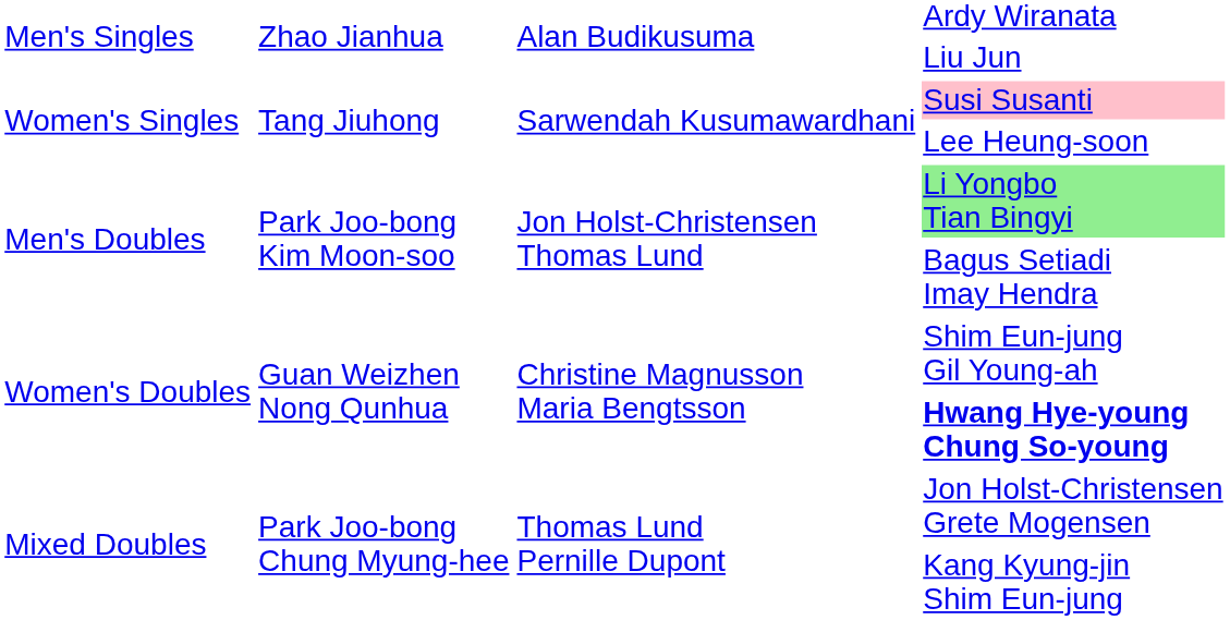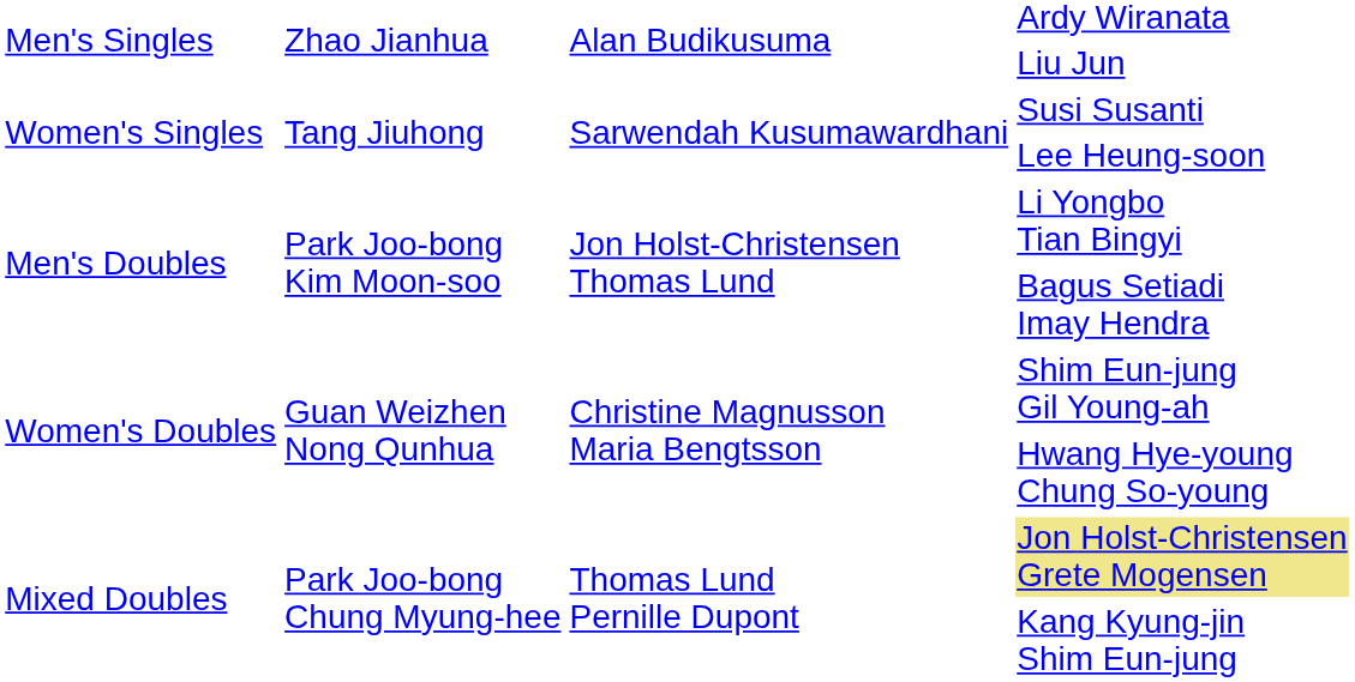 <table>
 <tr>
 <td rowspan=2><a href='#'>Men's Singles</a></td>
 <td rowspan=2> <a href='#'>Zhao Jianhua</a></td>
 <td rowspan=2> <a href='#'>Alan Budikusuma</a></td>
 <td> <a href='#'>Ardy Wiranata</a></td>
 </tr>
 <tr>
 <td> <a href='#'>Liu Jun</a></td>
 </tr>
 <tr>
 <td rowspan=2><a href='#'>Women's Singles</a></td>
 <td rowspan=2> <a href='#'>Tang Jiuhong</a></td>
 <td rowspan=2> <a href='#'>Sarwendah Kusumawardhani</a></td>
-<td style="background: pink;"> <a href='#'>Susi Susanti</a></td>
+<td> <a href='#'>Susi Susanti</a></td>
 </tr>
 <tr>
 <td> <a href='#'>Lee Heung-soon</a></td>
 </tr>
 <tr>
 <td rowspan=2><a href='#'>Men's Doubles</a></td>
 <td rowspan=2> <a href='#'>Park Joo-bong</a><br> <a href='#'>Kim Moon-soo</a></td>
 <td rowspan=2> <a href='#'>Jon Holst-Christensen</a><br> <a href='#'>Thomas Lund</a></td>
-<td style="background: lightgreen;"> <a href='#'>Li Yongbo</a><br> <a href='#'>Tian Bingyi</a></td>
+<td> <a href='#'>Li Yongbo</a><br> <a href='#'>Tian Bingyi</a></td>
 </tr>
 <tr>
 <td> <a href='#'>Bagus Setiadi</a><br> <a href='#'>Imay Hendra</a></td>
 </tr>
 <tr>
 <td rowspan=2><a href='#'>Women's Doubles</a></td>
 <td rowspan=2> <a href='#'>Guan Weizhen</a><br> <a href='#'>Nong Qunhua</a></td>
 <td rowspan=2> <a href='#'>Christine Magnusson</a><br> <a href='#'>Maria Bengtsson</a></td>
 <td> <a href='#'>Shim Eun-jung</a><br> <a href='#'>Gil Young-ah</a></td>
 </tr>
 <tr>
-<td><strong> <a href='#'>Hwang Hye-young</a><br> <a href='#'>Chung So-young</a></strong></td>
+<td> <a href='#'>Hwang Hye-young</a><br> <a href='#'>Chung So-young</a></td>
 </tr>
 <tr>
 <td rowspan=2><a href='#'>Mixed Doubles</a></td>
 <td rowspan=2> <a href='#'>Park Joo-bong</a> <br> <a href='#'>Chung Myung-hee</a></td>
 <td rowspan=2> <a href='#'>Thomas Lund</a><br>  <a href='#'>Pernille Dupont</a></td>
-<td> <a href='#'>Jon Holst-Christensen</a><br> <a href='#'>Grete Mogensen</a></td>
+<td style="background: khaki;"> <a href='#'>Jon Holst-Christensen</a><br> <a href='#'>Grete Mogensen</a></td>
 </tr>
 <tr>
 <td> <a href='#'>Kang Kyung-jin</a><br> <a href='#'>Shim Eun-jung</a></td>
 </tr>
 </table>
